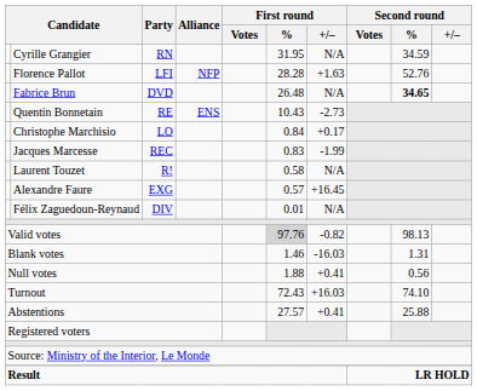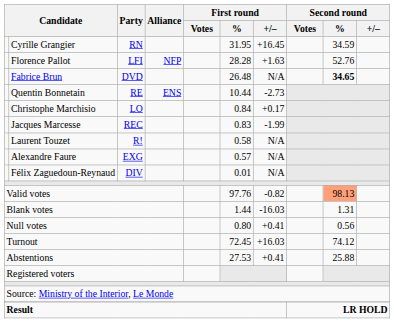 <table class="wikitable" style="text-align:right;font-size:95%;">
 <tr>
 <th rowspan="2" colspan="2">Candidate</th>
 <th rowspan="2">Party</th>
 <th rowspan="2">Alliance</th>
 <th colspan="3">First round</th>
 <th colspan="3">Second round</th>
 </tr>
 <tr>
 <th style="width:50px;">Votes</th>
 <th style="width:45px;">%</th>
 <th style="width:45px;">+/–</th>
 <th style="width:50px;">Votes</th>
 <th style="width:45px;">%</th>
 <th style="width:45px;">+/–</th>
 </tr>
 <tr>
 <td style="color:inherit;background:"></td>
 <td style="text-align:left;">Cyrille Grangier</td>
 <td><a href='#'>RN</a></td>
 <td></td>
 <td></td>
 <td>31.95</td>
-<td>N/A</td>
+<td>+16.45</td>
 <td></td>
 <td>34.59</td>
 <td></td>
 </tr>
 <tr>
 <td style="color:inherit;background:"></td>
 <td style="text-align:left;">Florence Pallot</td>
 <td><a href='#'>LFI</a></td>
 <td><a href='#'>NFP</a></td>
 <td></td>
 <td>28.28</td>
 <td>+1.63</td>
 <td></td>
 <td>52.76</td>
 <td></td>
 </tr>
 <tr>
 <td style="color:inherit;background:"></td>
 <td style="text-align:left;"><a href='#'>Fabrice Brun</a></td>
 <td><a href='#'>DVD</a></td>
 <td></td>
 <td></td>
 <td>26.48</td>
 <td>N/A</td>
 <td><strong></strong></td>
 <td><strong>34.65</strong></td>
 <td></td>
 </tr>
 <tr>
 <td style="color:inherit;background:"></td>
 <td style="text-align:left;">Quentin Bonnetain</td>
 <td><a href='#'>RE</a></td>
 <td><a href='#'>ENS</a></td>
 <td></td>
-<td>10.43</td>
+<td>10.44</td>
 <td>-2.73</td>
 <td colspan="3" style="background:#E9E9E9;"></td>
 </tr>
 <tr>
 <td style="color:inherit;background:"></td>
 <td style="text-align:left;">Christophe Marchisio</td>
 <td><a href='#'>LO</a></td>
 <td></td>
 <td></td>
 <td>0.84</td>
 <td>+0.17</td>
 <td colspan="3" style="background:#E9E9E9;"></td>
 </tr>
 <tr>
 <td style="color:inherit;background:"></td>
 <td style="text-align:left;">Jacques Marcesse</td>
 <td><a href='#'>REC</a></td>
 <td></td>
 <td></td>
 <td>0.83</td>
 <td>-1.99</td>
 <td colspan="3" style="background:#E9E9E9;"></td>
 </tr>
 <tr>
 <td style="color:inherit;background:"></td>
 <td style="text-align:left;">Laurent Touzet</td>
 <td><a href='#'>R!</a></td>
 <td></td>
 <td></td>
 <td>0.58</td>
 <td>N/A</td>
 <td colspan="3" style="background:#E9E9E9;"></td>
 </tr>
 <tr>
 <td style="color:inherit;background:"></td>
 <td style="text-align:left;">Alexandre Faure</td>
 <td><a href='#'>EXG</a></td>
 <td></td>
 <td></td>
 <td>0.57</td>
-<td>+16.45</td>
+<td>N/A</td>
 <td colspan="3" style="background:#E9E9E9;"></td>
 </tr>
 <tr>
 <td style="color:inherit;background:"></td>
 <td style="text-align:left;">Félix Zaguedoun-Reynaud</td>
 <td><a href='#'>DIV</a></td>
 <td></td>
 <td></td>
 <td>0.01</td>
 <td>N/A</td>
 <td colspan="3" style="background:#E9E9E9;"></td>
 </tr>
 <tr>
 <td colspan="10" style="background:#E9E9E9;"></td>
 </tr>
 <tr>
 <td colspan="4" style="text-align:left;">Valid votes</td>
 <td></td>
-<td style="background: lightgrey;">97.76</td>
+<td>97.76</td>
 <td>-0.82</td>
 <td></td>
-<td>98.13</td>
+<td style="background: lightsalmon;">98.13</td>
 <td></td>
 </tr>
 <tr>
 <td colspan="4" style="text-align:left;">Blank votes</td>
 <td></td>
-<td>1.46</td>
+<td>1.44</td>
 <td>-16.03</td>
 <td></td>
 <td>1.31</td>
 <td></td>
 </tr>
 <tr>
 <td colspan="4" style="text-align:left;">Null votes</td>
 <td></td>
-<td>1.88</td>
+<td>0.80</td>
 <td>+0.41</td>
 <td></td>
 <td>0.56</td>
 <td></td>
 </tr>
 <tr>
 <td colspan="4" style="text-align:left;">Turnout</td>
 <td></td>
-<td>72.43</td>
+<td>72.45</td>
 <td>+16.03</td>
 <td></td>
-<td>74.10</td>
+<td>74.12</td>
 <td></td>
 </tr>
 <tr>
 <td colspan="4" style="text-align:left;">Abstentions</td>
 <td></td>
-<td>27.57</td>
+<td>27.53</td>
 <td>+0.41</td>
 <td></td>
 <td>25.88</td>
 <td></td>
 </tr>
 <tr>
 <td colspan="4" style="text-align:left;">Registered voters</td>
 <td></td>
 <td colspan="2" style="background:#E9E9E9;"></td>
 <td></td>
 <td colspan="2" style="background:#E9E9E9;"></td>
 </tr>
 <tr>
 <td colspan="10" style="background:#E9E9E9;"></td>
 </tr>
 <tr>
 <td colspan="10" style="text-align:left;">Source: <a href='#'>Ministry of the Interior</a>, <a href='#'>Le Monde</a></td>
 </tr>
 <tr>
 </tr>
 <tr style="font-weight:bold">
 <td colspan="7" style="text-align:left;">Result</td>
 <td colspan="7" style="background-color:">LR HOLD</td>
 </tr>
 </table>
